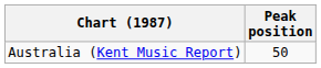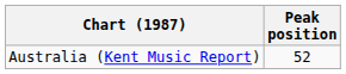 <table class="wikitable">
 <tr>
 <th scope="col">Chart (1987)</th>
 <th>Peak<br>position</th>
 </tr>
 <tr>
 <td>Australia (<a href='#'>Kent Music Report</a>)</td>
-<td style="text-align:center;">50</td>
+<td style="text-align:center;">52</td>
 </tr>
 </table>
